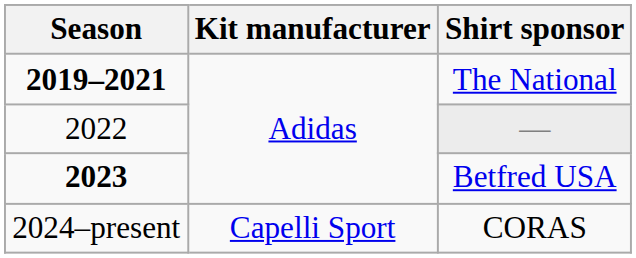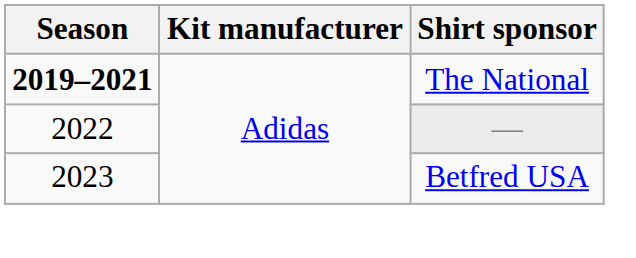 <table class="wikitable" style="text-align: center">
 <tr>
 <th scope="col">Season</th>
 <th scope="col">Kit manufacturer</th>
 <th scope="col">Shirt sponsor</th>
 </tr>
 <tr>
 <td><strong>2019–2021</strong></td>
 <td rowspan="3"><a href='#'>Adidas</a></td>
 <td><a href='#'>The National</a></td>
 </tr>
 <tr>
 <td>2022</td>
 <td align="center" style="background:#ececec; color:gray">—</td>
 </tr>
 <tr>
-<td><strong>2023</strong></td>
+<td>2023</td>
 <td><a href='#'>Betfred USA</a></td>
 </tr>
-<tr>
-<td>2024–present</td>
-<td><a href='#'>Capelli Sport</a></td>
-<td>CORAS</td>
-</tr>
 </table>
